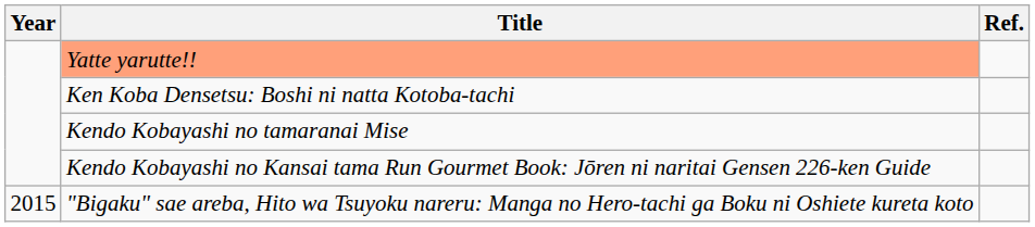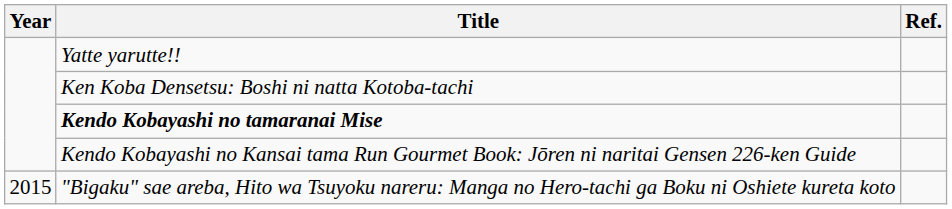 <table class="wikitable">
 <tr>
 <th>Year</th>
 <th>Title</th>
 <th>Ref.</th>
 </tr>
 <tr>
 <td rowspan="4"></td>
-<td style="background: lightsalmon;"><em>Yatte yarutte!!</em></td>
+<td><em>Yatte yarutte!!</em></td>
 <td></td>
 </tr>
 <tr>
 <td><em>Ken Koba Densetsu: Boshi ni natta Kotoba-tachi</em></td>
 <td></td>
 </tr>
 <tr>
-<td><em>Kendo Kobayashi no tamaranai Mise</em></td>
+<td><strong><em>Kendo Kobayashi no tamaranai Mise</em></strong></td>
 <td></td>
 </tr>
 <tr>
 <td><em>Kendo Kobayashi no Kansai tama Run Gourmet Book: Jōren ni naritai Gensen 226-ken Guide</em></td>
 <td></td>
 </tr>
 <tr>
 <td>2015</td>
 <td><em>"Bigaku" sae areba, Hito wa Tsuyoku nareru: Manga no Hero-tachi ga Boku ni Oshiete kureta koto</em></td>
 <td></td>
 </tr>
 </table>
